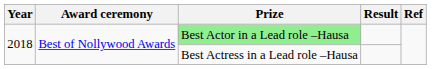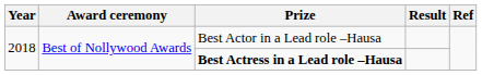 <table class ="wikitable">
 <tr>
 <th>Year</th>
 <th>Award ceremony</th>
 <th>Prize</th>
 <th>Result</th>
 <th>Ref</th>
 </tr>
 <tr>
 <td rowspan="2">2018</td>
 <td rowspan="2"><a href='#'>Best of Nollywood Awards</a></td>
-<td style="background: lightgreen;">Best Actor in a Lead role –Hausa</td>
+<td>Best Actor in a Lead role –Hausa</td>
 <td></td>
 <td rowspan="2"></td>
 </tr>
 <tr>
-<td>Best Actress in a Lead role –Hausa</td>
+<td><strong>Best Actress in a Lead role –Hausa</strong></td>
 <td></td>
 </tr>
 </table>
